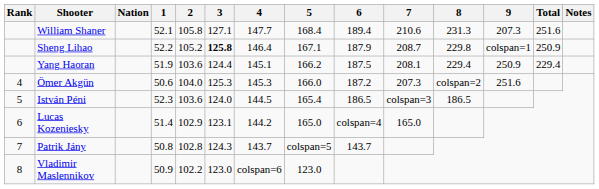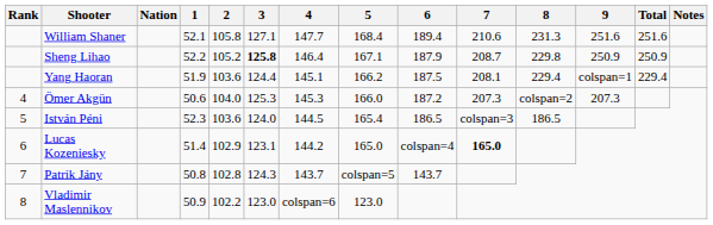 <table class="wikitable sortable" style="text-align:center">
 <tr>
 <th>Rank</th>
 <th>Shooter</th>
 <th>Nation</th>
 <th class="sortable">1</th>
 <th class="sortable">2</th>
 <th class="sortable">3</th>
 <th class="sortable">4</th>
 <th class="sortable">5</th>
 <th class="sortable">6</th>
 <th class="sortable">7</th>
 <th class="sortable">8</th>
 <th class="sortable">9</th>
 <th>Total</th>
 <th class="unsortable">Notes</th>
 </tr>
 <tr>
 <td></td>
 <td align=left><a href='#'>William Shaner</a></td>
 <td align=left></td>
 <td>52.1</td>
 <td>105.8</td>
 <td>127.1</td>
 <td>147.7</td>
 <td>168.4</td>
 <td>189.4</td>
 <td>210.6</td>
 <td>231.3</td>
-<td>207.3</td>
+<td>251.6</td>
 <td>251.6</td>
 <td></td>
 </tr>
 <tr>
 <td></td>
 <td align=left><a href='#'>Sheng Lihao</a></td>
 <td align=left></td>
 <td>52.2</td>
 <td>105.2</td>
 <td><strong>125.8</strong></td>
 <td>146.4</td>
 <td>167.1</td>
 <td>187.9</td>
 <td>208.7</td>
 <td>229.8</td>
-<td>colspan=1 </td>
+<td>250.9</td>
 <td>250.9</td>
 <td></td>
 </tr>
 <tr>
 <td></td>
 <td align=left><a href='#'>Yang Haoran</a></td>
 <td align=left></td>
 <td>51.9</td>
 <td>103.6</td>
 <td>124.4</td>
 <td>145.1</td>
 <td>166.2</td>
 <td>187.5</td>
 <td>208.1</td>
 <td>229.4</td>
-<td>250.9</td>
+<td>colspan=1 </td>
 <td>229.4</td>
 <td></td>
 </tr>
 <tr>
 <td>4</td>
 <td align=left><a href='#'>Ömer Akgün</a></td>
 <td align=left></td>
 <td>50.6</td>
 <td>104.0</td>
 <td>125.3</td>
 <td>145.3</td>
 <td>166.0</td>
 <td>187.2</td>
 <td>207.3</td>
 <td>colspan=2 </td>
-<td>251.6</td>
+<td>207.3</td>
 <td></td>
 </tr>
 <tr>
 <td>5</td>
 <td align=left><a href='#'>István Péni</a></td>
 <td align=left></td>
 <td>52.3</td>
 <td>103.6</td>
 <td>124.0</td>
 <td>144.5</td>
 <td>165.4</td>
 <td>186.5</td>
 <td>colspan=3 </td>
 <td>186.5</td>
 <td></td>
 </tr>
 <tr>
 <td>6</td>
 <td align=left><a href='#'>Lucas Kozeniesky</a></td>
 <td align=left></td>
 <td>51.4</td>
 <td>102.9</td>
 <td>123.1</td>
 <td>144.2</td>
 <td>165.0</td>
 <td>colspan=4 </td>
-<td>165.0</td>
+<td><strong>165.0</strong></td>
 <td></td>
 </tr>
 <tr>
 <td>7</td>
 <td align=left><a href='#'>Patrik Jány</a></td>
 <td align=left></td>
 <td>50.8</td>
 <td>102.8</td>
 <td>124.3</td>
 <td>143.7</td>
 <td>colspan=5 </td>
 <td>143.7</td>
 <td></td>
 </tr>
 <tr>
 <td>8</td>
 <td align=left><a href='#'>Vladimir Maslennikov</a></td>
 <td align=left></td>
 <td>50.9</td>
 <td>102.2</td>
 <td>123.0</td>
 <td>colspan=6 </td>
 <td>123.0</td>
 <td></td>
 </tr>
 </table>
